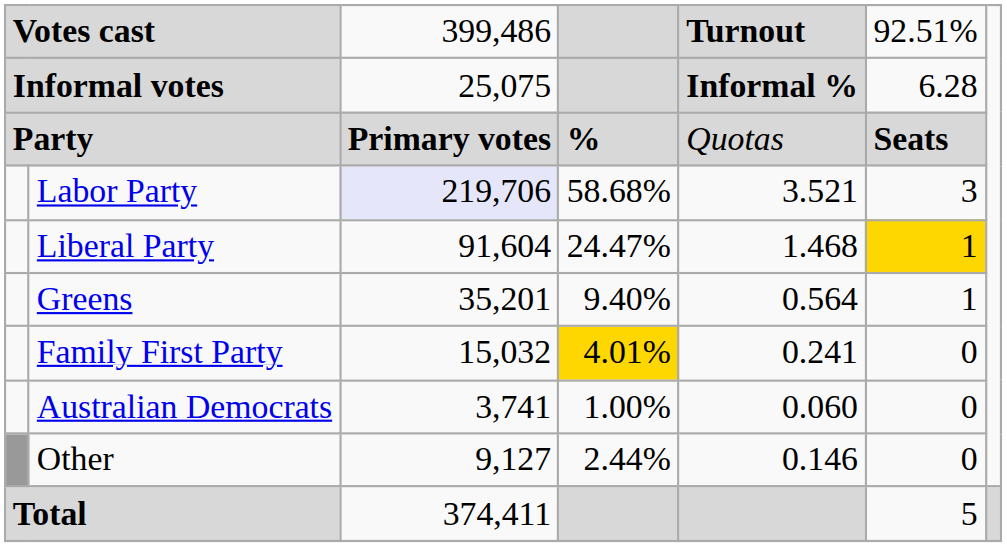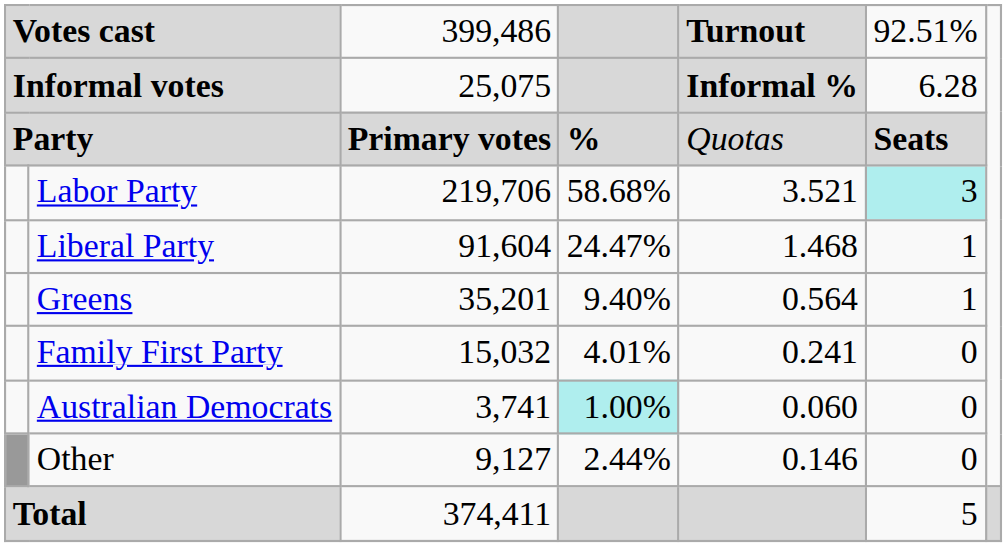 <table class="wikitable">
 <tr>
 <td colspan=2 bgcolor="#D8D8D8"><strong>Votes cast</strong></td>
 <td align="right">399,486</td>
 <td width="33" bgcolor="#D8D8D8"></td>
 <td bgcolor="#D8D8D8" width="67"><strong>Turnout</strong></td>
 <td align="right">92.51%</td>
 </tr>
 <tr>
 <td colspan="2" bgcolor="#D8D8D8"><strong>Informal votes</strong></td>
 <td align="right">25,075</td>
 <td width="33" bgcolor="#D8D8D8"></td>
 <td bgcolor="#D8D8D8"><strong>Informal %</strong></td>
 <td align="right">6.28</td>
 </tr>
 <tr>
 <td colspan="2" bgcolor="#D8D8D8"><strong>Party</strong></td>
 <td bgcolor="#D8D8D8"><strong>Primary votes</strong></td>
 <td bgcolor="#D8D8D8"><strong>%</strong></td>
 <td bgcolor="#D8D8D8"><em>Quotas</em></td>
 <td bgcolor="#D8D8D8"><strong>Seats</strong></td>
 </tr>
 <tr>
 <td> </td>
 <td><a href='#'>Labor Party</a></td>
-<td align="right" style="background: lavender;">219,706</td>
+<td align="right">219,706</td>
 <td align="right">58.68%</td>
 <td align="right">3.521</td>
-<td align="right">3</td>
+<td align="right" style="background: paleturquoise;">3</td>
 </tr>
 <tr>
 <td> </td>
 <td><a href='#'>Liberal Party</a></td>
 <td align="right">91,604</td>
 <td align="right">24.47%</td>
 <td align="right">1.468</td>
-<td align="right" style="background: gold;">1</td>
+<td align="right">1</td>
 </tr>
 <tr>
 <td> </td>
 <td><a href='#'>Greens</a></td>
 <td align="right">35,201</td>
 <td align="right">9.40%</td>
 <td align="right">0.564</td>
 <td align="right">1</td>
 </tr>
 <tr>
 <td> </td>
 <td><a href='#'>Family First Party</a></td>
 <td align="right">15,032</td>
-<td align="right" style="background: gold;">4.01%</td>
+<td align="right">4.01%</td>
 <td align="right">0.241</td>
 <td align="right">0</td>
 </tr>
 <tr>
 <td> </td>
 <td><a href='#'>Australian Democrats</a></td>
 <td align="right">3,741</td>
-<td align="right">1.00%</td>
+<td align="right" style="background: paleturquoise;">1.00%</td>
 <td align="right">0.060</td>
 <td align="right">0</td>
 </tr>
 <tr>
 <td bgcolor="#999999"> </td>
 <td>Other</td>
 <td align="right">9,127</td>
 <td align="right">2.44%</td>
 <td align="right">0.146</td>
 <td align="right">0</td>
 </tr>
 <tr>
 <td colspan="2" bgcolor="#D8D8D8"><strong>Total</strong></td>
 <td align="right">374,411</td>
 <td bgcolor="#D8D8D8"></td>
 <td bgcolor="#D8D8D8"></td>
 <td align="right">5</td>
 <td bgcolor="#D8D8D8"></td>
 </tr>
 <tr>
 </tr>
 </table>
